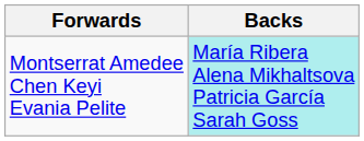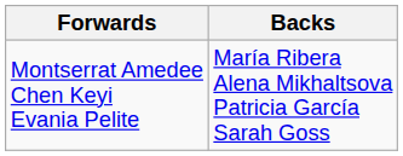 <table class=wikitable style="text-align: left;">
 <tr>
 <th align=center>Forwards</th>
 <th align=center>Backs</th>
 </tr>
 <tr>
 <td> <a href='#'>Montserrat Amedee</a> <br>  <a href='#'>Chen Keyi</a> <br>  <a href='#'>Evania Pelite</a></td>
-<td style="background: paleturquoise;"> <a href='#'>María Ribera</a> <br>  <a href='#'>Alena Mikhaltsova</a> <br>  <a href='#'>Patricia García</a> <br>  <a href='#'>Sarah Goss</a></td>
+<td> <a href='#'>María Ribera</a> <br>  <a href='#'>Alena Mikhaltsova</a> <br>  <a href='#'>Patricia García</a> <br>  <a href='#'>Sarah Goss</a></td>
 </tr>
 </table>
